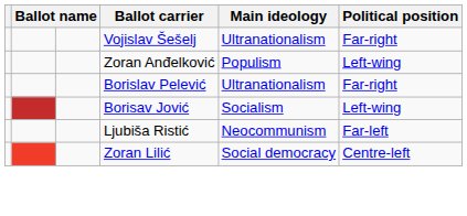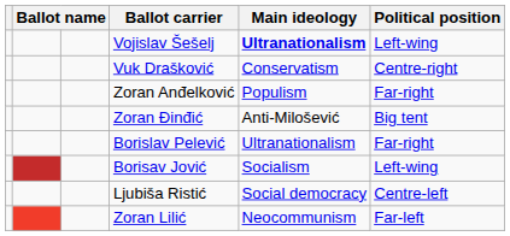 <table class=wikitable>
 <tr>
 <th></th>
 <th colspan="2">Ballot name</th>
 <th>Ballot carrier</th>
 <th>Main ideology</th>
 <th>Political position</th>
 </tr>
 <tr>
 <td></td>
 <td style="background:"></td>
 <td></td>
 <td><a href='#'>Vojislav Šešelj</a></td>
-<td><a href='#'>Ultranationalism</a></td>
-<td><a href='#'>Far-right</a></td>
+<td><strong><a href='#'>Ultranationalism</a></strong></td>
+<td><a href='#'>Left-wing</a></td>
+</tr>
+<tr>
+<td></td>
+<td style="background:"></td>
+<td></td>
+<td><a href='#'>Vuk Drašković</a></td>
+<td><a href='#'>Conservatism</a></td>
+<td><a href='#'>Centre-right</a></td>
 </tr>
 <tr>
 <td></td>
 <td style="background:"></td>
 <td></td>
 <td>Zoran Anđelković</td>
 <td><a href='#'>Populism</a></td>
-<td><a href='#'>Left-wing</a></td>
+<td><a href='#'>Far-right</a></td>
+</tr>
+<tr>
+<td></td>
+<td style="background:"></td>
+<td></td>
+<td><a href='#'>Zoran Đinđić</a></td>
+<td>Anti-Milošević</td>
+<td><a href='#'>Big tent</a></td>
 </tr>
 <tr>
 <td></td>
 <td style="background:"></td>
 <td></td>
 <td><a href='#'>Borislav Pelević</a></td>
 <td><a href='#'>Ultranationalism</a></td>
 <td><a href='#'>Far-right</a></td>
 </tr>
 <tr>
 <td></td>
 <td style="background:#C42B2B"></td>
 <td></td>
 <td><a href='#'>Borisav Jović</a></td>
 <td><a href='#'>Socialism</a></td>
 <td><a href='#'>Left-wing</a></td>
 </tr>
 <tr>
 <td></td>
 <td style="background:"></td>
 <td></td>
 <td>Ljubiša Ristić</td>
-<td><a href='#'>Neocommunism</a></td>
-<td><a href='#'>Far-left</a></td>
+<td><a href='#'>Social democracy</a></td>
+<td><a href='#'>Centre-left</a></td>
 </tr>
 <tr>
 <td></td>
 <td style="background:#F13C2A"></td>
 <td></td>
 <td><a href='#'>Zoran Lilić</a></td>
-<td><a href='#'>Social democracy</a></td>
-<td><a href='#'>Centre-left</a></td>
+<td><a href='#'>Neocommunism</a></td>
+<td><a href='#'>Far-left</a></td>
 </tr>
 </table>
